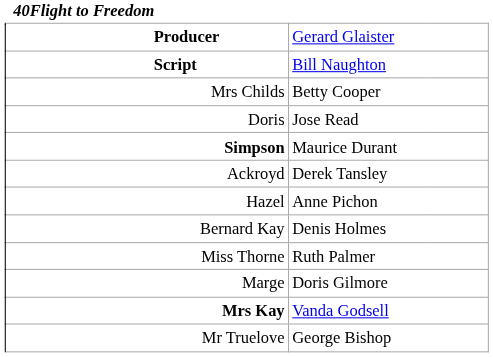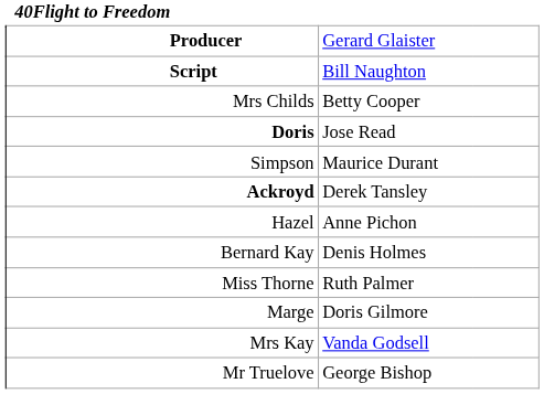 <table class="wikitable mw-collapsible mw-collapsed" style="vertical-align:top;margin:auto 2em;line-height:1.2;min-width:33em;display: inline-table;background-color:inherit;border:none;">
 <tr>
 <td class=unsortable style="border:hidden;line-height:1.67;text-align:center;margin-left:-1em;padding-left:0.5em;min-width:1.0em;"></td>
 <td class=unsortable style="border:none;padding-left:0.5em;text-align:left;min-width:16.5em;font-weight:700;font-style:italic;">40Flight to Freedom</td>
 <td class=unsortable style="border:none;text-align:right;font-weight:normal;font-family:Courier;font-size:95%;letter-spacing:-1pt;min-width:8.5em;padding-right:0.2em;"></td>
 <td class=unsortable style="border:hidden;min-width:3.5em;padding-left:0;"></td>
 <td class=unsortable style="border:hidden;min-width:3.5em;font-size:95%;"></td>
 </tr>
 <tr>
 <td rowspan=100 style="border:none thin;border-right-style :solid;"></td>
 </tr>
 <tr>
 <td style="text-align:left;padding-left:9.0em;font-weight:bold;">Producer</td>
 <td colspan=2><a href='#'>Gerard Glaister</a></td>
 </tr>
 <tr>
 <td style="text-align:left;padding-left:9.0em;font-weight:bold;">Script</td>
 <td colspan=2><a href='#'>Bill Naughton</a></td>
 </tr>
 <tr>
 <td style="text-align:right;">Mrs Childs</td>
 <td colspan=2>Betty Cooper</td>
 </tr>
 <tr>
-<td style="text-align:right;">Doris</td>
+<td style="text-align:right;"><strong>Doris</strong></td>
 <td colspan=2>Jose Read</td>
 </tr>
 <tr>
-<td style="text-align:right;"><strong>Simpson</strong></td>
+<td style="text-align:right;">Simpson</td>
 <td colspan=2>Maurice Durant</td>
 </tr>
 <tr>
-<td style="text-align:right;">Ackroyd</td>
+<td style="text-align:right;"><strong>Ackroyd</strong></td>
 <td colspan=2>Derek Tansley</td>
 </tr>
 <tr>
 <td style="text-align:right;">Hazel</td>
 <td colspan=2>Anne Pichon</td>
 </tr>
 <tr>
 <td style="text-align:right;">Bernard Kay</td>
 <td colspan=2>Denis Holmes</td>
 </tr>
 <tr>
 <td style="text-align:right;">Miss Thorne</td>
 <td colspan=2>Ruth Palmer</td>
 </tr>
 <tr>
 <td style="text-align:right;">Marge</td>
 <td colspan=2>Doris Gilmore</td>
 </tr>
 <tr>
-<td style="text-align:right;"><strong>Mrs Kay</strong></td>
+<td style="text-align:right;">Mrs Kay</td>
 <td colspan=2><a href='#'>Vanda Godsell</a></td>
 </tr>
 <tr>
 <td style="text-align:right;">Mr Truelove</td>
 <td colspan=2>George Bishop</td>
 </tr>
 </table>
